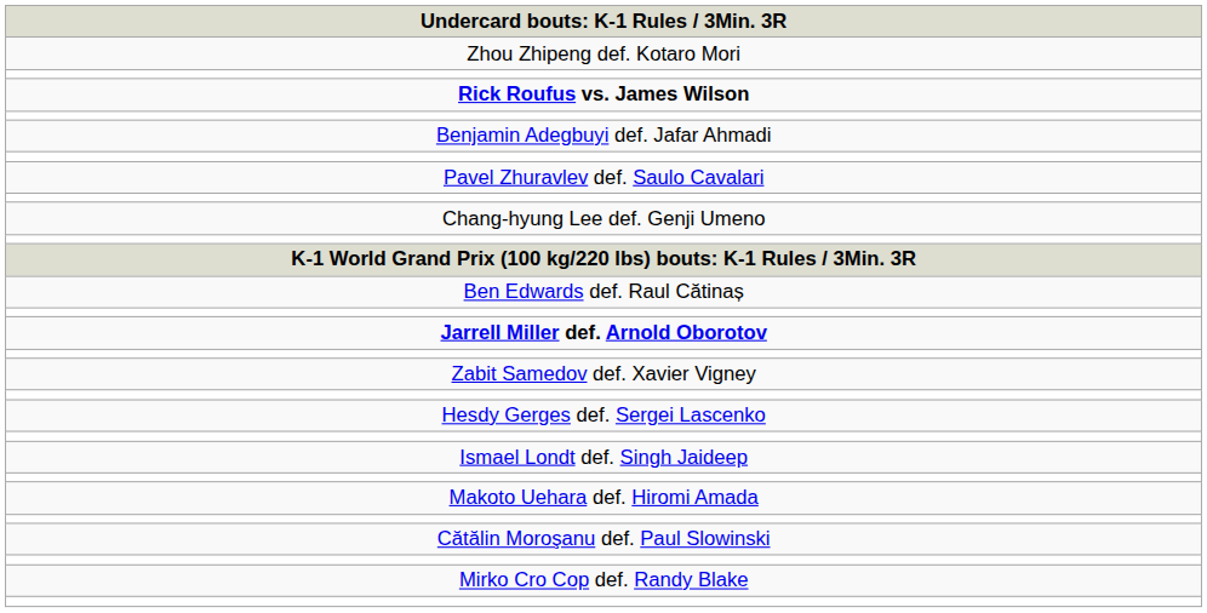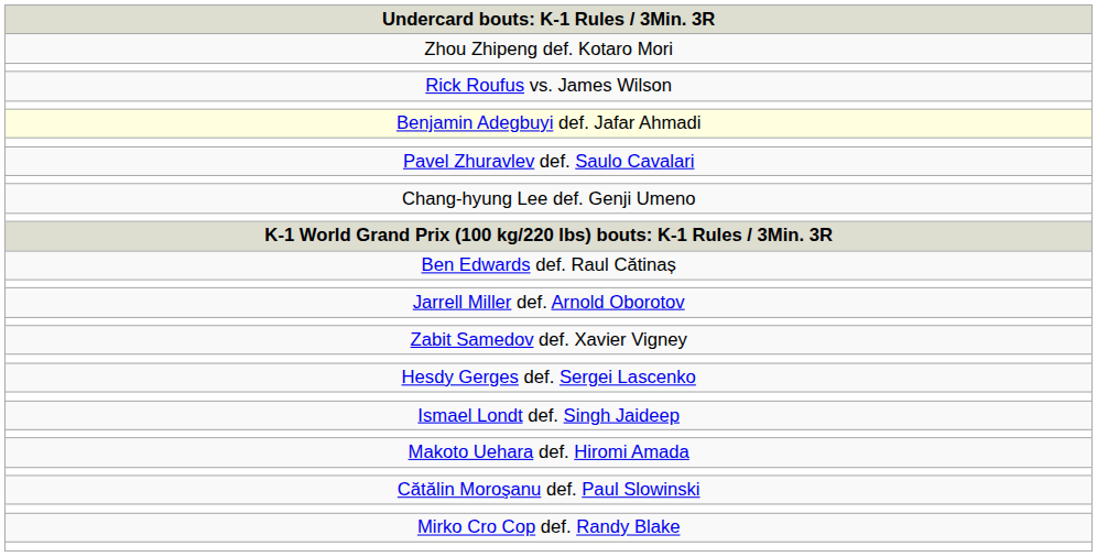 <table class="wikitable" width="60%">
 <tr align="center"  bgcolor="#ddddddd">
 <td><strong>Undercard bouts: K-1 Rules / 3Min. 3R</strong></td>
 </tr>
 <tr>
 <td align=center> Zhou Zhipeng def. Kotaro Mori </td>
 </tr>
 <tr>
 <th style=background:white colspan=2></th>
 </tr>
 <tr>
-<td align=center><strong> <a href='#'>Rick Roufus</a> vs. James Wilson </strong></td>
+<td align=center> <a href='#'>Rick Roufus</a> vs. James Wilson </td>
 </tr>
 <tr>
 <th style=background:white colspan=2></th>
 </tr>
 <tr>
-<td align=center> <a href='#'>Benjamin Adegbuyi</a> def. Jafar Ahmadi </td>
+<td align=center style="background: lightyellow;"> <a href='#'>Benjamin Adegbuyi</a> def. Jafar Ahmadi </td>
 </tr>
 <tr>
 <th style=background:white colspan=2></th>
 </tr>
 <tr>
 <td align=center> <a href='#'>Pavel Zhuravlev</a> def. <a href='#'>Saulo Cavalari</a> </td>
 </tr>
 <tr>
 <th style=background:white colspan=2></th>
 </tr>
 <tr>
 <td align=center> Chang-hyung Lee def. Genji Umeno </td>
 </tr>
 <tr>
 <th style=background:white colspan=2></th>
 </tr>
 <tr align="center"  bgcolor="#ddddddd">
 <td><strong>K-1 World Grand Prix (100 kg/220 lbs) bouts: K-1 Rules / 3Min. 3R</strong></td>
 </tr>
 <tr>
 <td align=center> <a href='#'>Ben Edwards</a> def. Raul Cătinaș </td>
 </tr>
 <tr>
 <th style=background:white colspan=2></th>
 </tr>
 <tr>
-<td align=center><strong> <a href='#'>Jarrell Miller</a> def. <a href='#'>Arnold Oborotov</a> </strong></td>
+<td align=center> <a href='#'>Jarrell Miller</a> def. <a href='#'>Arnold Oborotov</a> </td>
 </tr>
 <tr>
 <th style=background:white colspan=2></th>
 </tr>
 <tr>
 <td align=center> <a href='#'>Zabit Samedov</a> def. Xavier Vigney </td>
 </tr>
 <tr>
 <th style=background:white colspan=2></th>
 </tr>
 <tr>
 <td align=center> <a href='#'>Hesdy Gerges</a> def. <a href='#'>Sergei Lascenko</a> </td>
 </tr>
 <tr>
 <th style=background:white colspan=2></th>
 </tr>
 <tr>
 <td align=center> <a href='#'>Ismael Londt</a> def. <a href='#'>Singh Jaideep</a> </td>
 </tr>
 <tr>
 <th style=background:white colspan=2></th>
 </tr>
 <tr>
 <td align=center> <a href='#'>Makoto Uehara</a> def. <a href='#'>Hiromi Amada</a> </td>
 </tr>
 <tr>
 <th style=background:white colspan=2></th>
 </tr>
 <tr>
 <td align=center> <a href='#'>Cătălin Moroşanu</a> def. <a href='#'>Paul Slowinski</a> </td>
 </tr>
 <tr>
 <th style=background:white colspan=2></th>
 </tr>
 <tr>
 <td align=center> <a href='#'>Mirko Cro Cop</a> def. <a href='#'>Randy Blake</a> </td>
 </tr>
 <tr>
 <th style=background:white colspan=2></th>
 </tr>
 </table>
